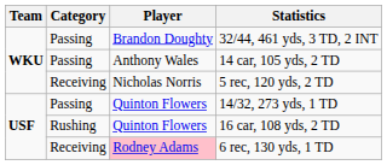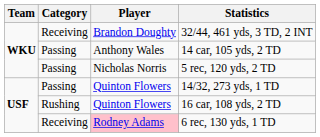 <table class="wikitable">
 <tr>
 <th>Team</th>
 <th>Category</th>
 <th>Player</th>
 <th>Statistics</th>
 </tr>
 <tr>
 <td rowspan=3><strong>WKU</strong></td>
-<td>Passing</td>
+<td>Receiving</td>
 <td><a href='#'>Brandon Doughty</a></td>
 <td>32/44, 461 yds, 3 TD, 2 INT</td>
 </tr>
 <tr>
 <td>Passing</td>
 <td>Anthony Wales</td>
 <td>14 car, 105 yds, 2 TD</td>
 </tr>
 <tr>
-<td>Receiving</td>
+<td>Passing</td>
 <td>Nicholas Norris</td>
 <td>5 rec, 120 yds, 2 TD</td>
 </tr>
 <tr>
 <td rowspan=3><strong>USF</strong></td>
 <td>Passing</td>
 <td><a href='#'>Quinton Flowers</a></td>
 <td>14/32, 273 yds, 1 TD</td>
 </tr>
 <tr>
 <td>Rushing</td>
 <td><a href='#'>Quinton Flowers</a></td>
 <td>16 car, 108 yds, 2 TD</td>
 </tr>
 <tr>
 <td>Receiving</td>
 <td style="background: pink;"><a href='#'>Rodney Adams</a></td>
 <td>6 rec, 130 yds, 1 TD</td>
 </tr>
 </table>
